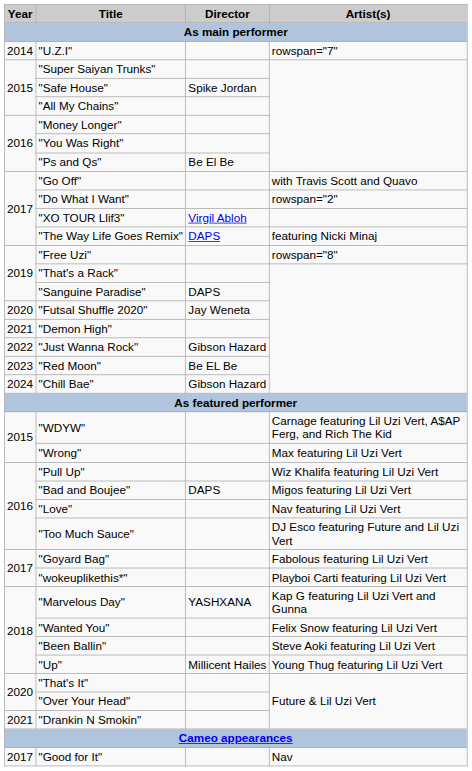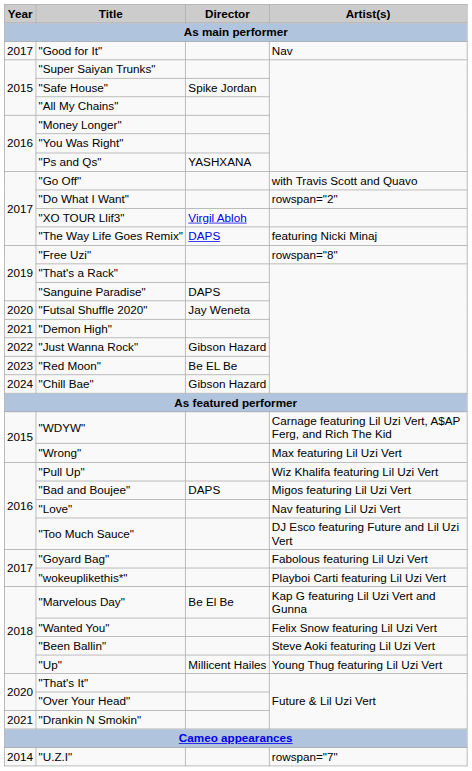 <table class="wikitable" style="font-size:95%">
 <tr>
 <th style="background:#ccc;">Year</th>
 <th style="background:#ccc;">Title</th>
 <th style="background:#ccc;">Director</th>
 <th style="background:#ccc;width:250px">Artist(s)</th>
 </tr>
 <tr style="text-align:center;">
 <th colspan="4" style="background:#B0C4DE;">As main performer</th>
 </tr>
 <tr>
-<td style="text-align:center;">2014</td>
-<td>"U.Z.I"</td>
+<td style="text-align:center;">2017</td>
+<td>"Good for It"</td>
 <td></td>
-<td>rowspan="7" </td>
+<td>Nav</td>
 </tr>
 <tr>
 <td rowspan="3" style="text-align:center;">2015</td>
 <td>"Super Saiyan Trunks"</td>
 <td></td>
 </tr>
 <tr>
 <td>"Safe House"</td>
 <td>Spike Jordan</td>
 </tr>
 <tr>
 <td>"All My Chains"</td>
 <td></td>
 </tr>
 <tr>
 <td rowspan="3" style="text-align:center;">2016</td>
 <td>"Money Longer"</td>
 <td></td>
 </tr>
 <tr>
 <td>"You Was Right"</td>
 <td></td>
 </tr>
 <tr>
 <td>"Ps and Qs"</td>
-<td>Be El Be</td>
+<td>YASHXANA</td>
 </tr>
 <tr>
 <td rowspan="4" style="text-align:center;">2017</td>
 <td>"Go Off"</td>
 <td></td>
 <td>with Travis Scott and Quavo</td>
 </tr>
 <tr>
 <td>"Do What I Want"</td>
 <td></td>
 <td>rowspan="2" </td>
 </tr>
 <tr>
 <td>"XO TOUR Llif3"</td>
 <td><a href='#'>Virgil Abloh</a></td>
 </tr>
 <tr>
 <td>"The Way Life Goes Remix"</td>
 <td><a href='#'>DAPS</a></td>
 <td>featuring Nicki Minaj</td>
 </tr>
 <tr>
 <td rowspan="3" style="text-align:center;">2019</td>
 <td>"Free Uzi"</td>
 <td></td>
 <td>rowspan="8" </td>
 </tr>
 <tr>
 <td>"That's a Rack"</td>
 <td></td>
 </tr>
 <tr>
 <td>"Sanguine Paradise"</td>
 <td>DAPS</td>
 </tr>
 <tr>
 <td rowspan="1" style="text-align:center;">2020</td>
 <td>"Futsal Shuffle 2020"</td>
 <td>Jay Weneta</td>
 </tr>
 <tr>
 <td>2021</td>
 <td>"Demon High"</td>
 <td></td>
 </tr>
 <tr>
 <td>2022</td>
 <td>"Just Wanna Rock"</td>
 <td>Gibson Hazard</td>
 </tr>
 <tr>
 <td>2023</td>
 <td>"Red Moon"</td>
 <td>Be EL Be</td>
 </tr>
 <tr>
 <td>2024</td>
 <td>"Chill Bae"</td>
 <td>Gibson Hazard</td>
 </tr>
 <tr>
 <th colspan="4" style="background:#B0C4DE;">As featured performer</th>
 </tr>
 <tr>
 <td rowspan="2" style="text-align:center;">2015</td>
 <td>"WDYW"</td>
 <td></td>
 <td>Carnage featuring Lil Uzi Vert, A$AP Ferg, and Rich The Kid</td>
 </tr>
 <tr>
 <td>"Wrong"</td>
 <td></td>
 <td>Max featuring Lil Uzi Vert</td>
 </tr>
 <tr>
 <td rowspan="4" style="text-align:center;">2016</td>
 <td>"Pull Up"</td>
 <td></td>
 <td>Wiz Khalifa featuring Lil Uzi Vert</td>
 </tr>
 <tr>
 <td>"Bad and Boujee"</td>
 <td>DAPS</td>
 <td>Migos featuring Lil Uzi Vert</td>
 </tr>
 <tr>
 <td>"Love"</td>
 <td></td>
 <td>Nav featuring Lil Uzi Vert</td>
 </tr>
 <tr>
 <td>"Too Much Sauce"</td>
 <td></td>
 <td>DJ Esco featuring Future and Lil Uzi Vert</td>
 </tr>
 <tr>
 <td rowspan="2" style="text-align:center;">2017</td>
 <td>"Goyard Bag"</td>
 <td></td>
 <td>Fabolous featuring Lil Uzi Vert</td>
 </tr>
 <tr>
 <td>"wokeuplikethis*"</td>
 <td></td>
 <td>Playboi Carti featuring Lil Uzi Vert</td>
 </tr>
 <tr>
 <td rowspan="4" style="text-align:center;">2018</td>
 <td>"Marvelous Day"</td>
-<td>YASHXANA</td>
+<td>Be El Be</td>
 <td>Kap G featuring Lil Uzi Vert and Gunna</td>
 </tr>
 <tr>
 <td>"Wanted You"</td>
 <td></td>
 <td>Felix Snow featuring Lil Uzi Vert</td>
 </tr>
 <tr>
 <td>"Been Ballin"</td>
 <td></td>
 <td>Steve Aoki featuring Lil Uzi Vert</td>
 </tr>
 <tr>
 <td>"Up"</td>
 <td>Millicent Hailes</td>
 <td>Young Thug featuring Lil Uzi Vert</td>
 </tr>
 <tr>
 <td rowspan="2">2020</td>
 <td>"That's It"</td>
 <td></td>
 <td rowspan="3">Future & Lil Uzi Vert</td>
 </tr>
 <tr>
 <td>"Over Your Head"</td>
 <td></td>
 </tr>
 <tr>
 <td>2021</td>
 <td>"Drankin N Smokin"</td>
 <td></td>
 </tr>
 <tr>
 <th colspan="4" style="background:#B0C4DE;"><a href='#'>Cameo appearances</a></th>
 </tr>
 <tr>
-<td style="text-align:center;">2017</td>
-<td>"Good for It"</td>
+<td style="text-align:center;">2014</td>
+<td>"U.Z.I"</td>
 <td></td>
-<td>Nav</td>
+<td>rowspan="7" </td>
 </tr>
 </table>
